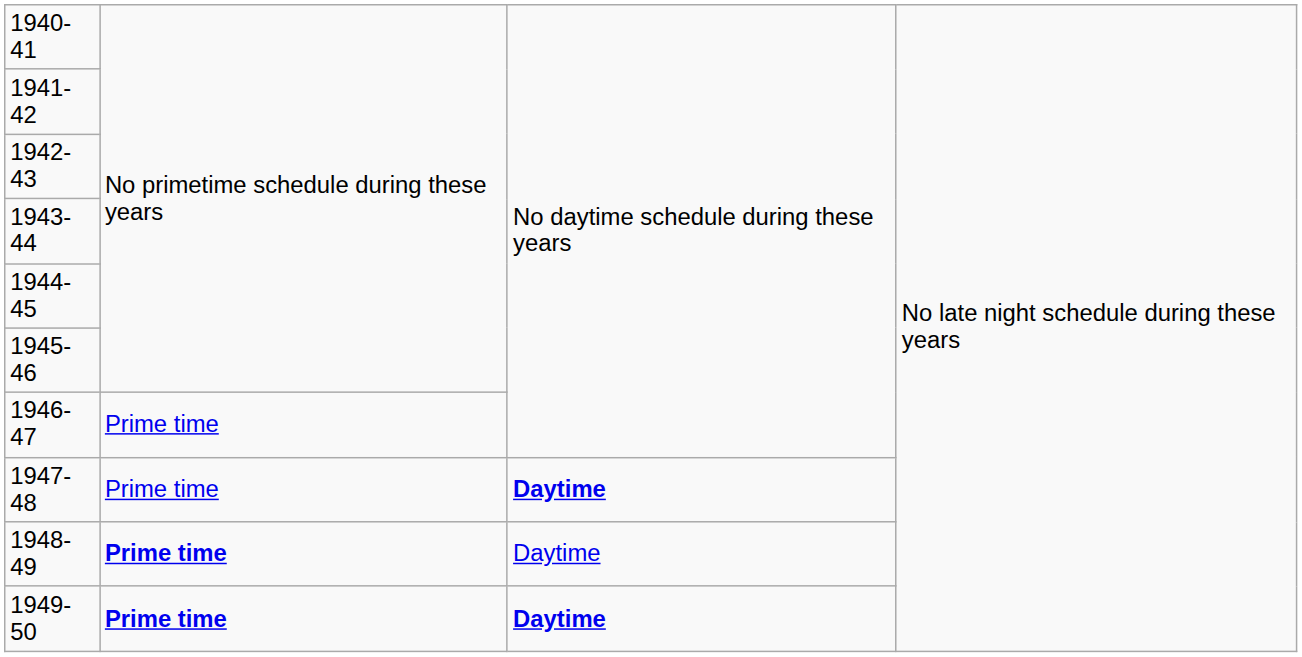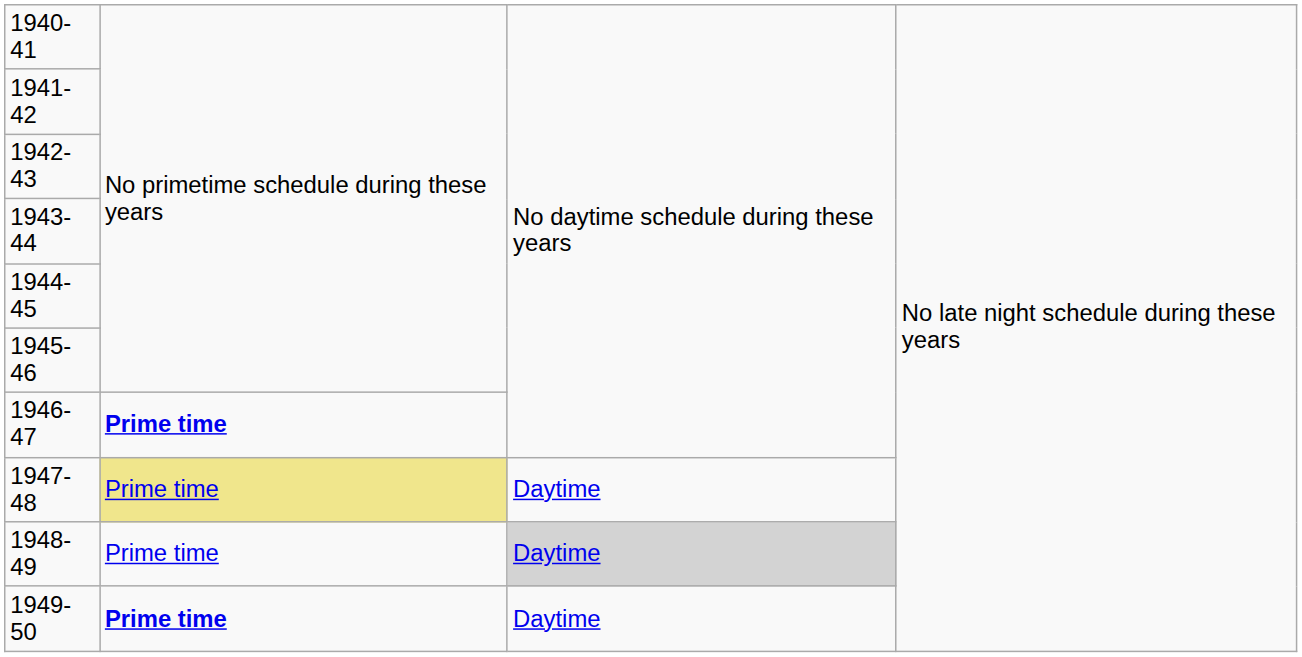 <table class="wikitable" border="1">
 <tr>
 <td>1940-41</td>
 <td rowspan="6">No primetime schedule during these years</td>
 <td rowspan="7">No daytime schedule during these years</td>
 <td rowspan="10">No late night schedule during these years</td>
 </tr>
 <tr>
 <td>1941-42</td>
 </tr>
 <tr>
 <td>1942-43</td>
 </tr>
 <tr>
 <td>1943-44</td>
 </tr>
 <tr>
 <td>1944-45</td>
 </tr>
 <tr>
 <td>1945-46</td>
 </tr>
 <tr>
 <td>1946-47</td>
-<td><a href='#'>Prime time</a></td>
+<td><strong><a href='#'>Prime time</a></strong></td>
 </tr>
 <tr>
 <td>1947-48</td>
-<td><a href='#'>Prime time</a></td>
-<td><strong><a href='#'>Daytime</a></strong></td>
+<td style="background: khaki;"><a href='#'>Prime time</a></td>
+<td><a href='#'>Daytime</a></td>
 </tr>
 <tr>
 <td>1948-49</td>
-<td><strong><a href='#'>Prime time</a></strong></td>
-<td><a href='#'>Daytime</a></td>
+<td><a href='#'>Prime time</a></td>
+<td style="background: lightgrey;"><a href='#'>Daytime</a></td>
 </tr>
 <tr>
 <td>1949-50</td>
 <td><strong><a href='#'>Prime time</a></strong></td>
-<td><strong><a href='#'>Daytime</a></strong></td>
+<td><a href='#'>Daytime</a></td>
 </tr>
 </table>
